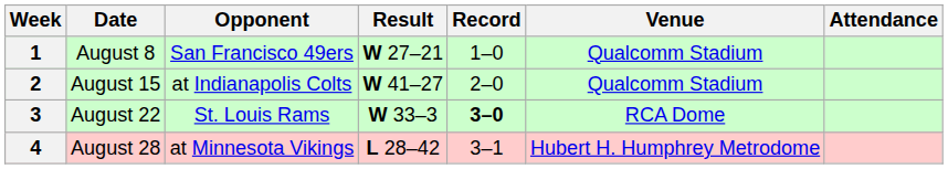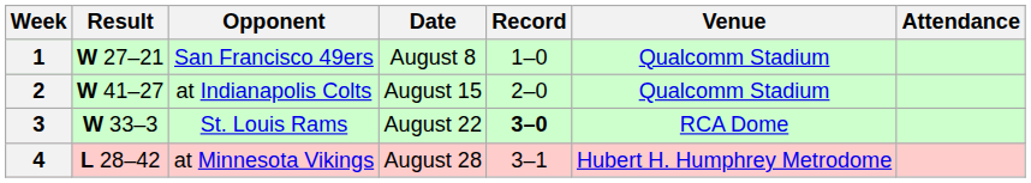 <table class="wikitable" style="text-align:center">
 <tr>
 <th>Week</th>
+<th>Result</th>
+<th>Opponent</th>
 <th>Date</th>
-<th>Opponent</th>
-<th>Result</th>
 <th>Record</th>
 <th>Venue</th>
 <th>Attendance</th>
 </tr>
 <tr style="background: #cfc;">
 <th>1</th>
+<td><strong>W</strong> 27–21</td>
+<td><a href='#'>San Francisco 49ers</a></td>
 <td>August 8</td>
-<td><a href='#'>San Francisco 49ers</a></td>
-<td><strong>W</strong> 27–21</td>
 <td>1–0</td>
 <td><a href='#'>Qualcomm Stadium</a></td>
 <td></td>
 </tr>
 <tr style="background: #cfc;">
 <th>2</th>
+<td><strong>W</strong> 41–27</td>
+<td>at <a href='#'>Indianapolis Colts</a></td>
 <td>August 15</td>
-<td>at <a href='#'>Indianapolis Colts</a></td>
-<td><strong>W</strong> 41–27</td>
 <td>2–0</td>
 <td><a href='#'>Qualcomm Stadium</a></td>
 <td></td>
 </tr>
 <tr style="background: #cfc;">
 <th>3</th>
+<td><strong>W</strong> 33–3</td>
+<td><a href='#'>St. Louis Rams</a></td>
 <td>August 22</td>
-<td><a href='#'>St. Louis Rams</a></td>
-<td><strong>W</strong> 33–3</td>
 <td><strong>3–0</strong></td>
 <td><a href='#'>RCA Dome</a></td>
 <td></td>
 </tr>
 <tr style="background: #fcc;">
 <th>4</th>
+<td><strong>L</strong> 28–42</td>
+<td>at <a href='#'>Minnesota Vikings</a></td>
 <td>August 28</td>
-<td>at <a href='#'>Minnesota Vikings</a></td>
-<td><strong>L</strong> 28–42</td>
 <td>3–1</td>
 <td><a href='#'>Hubert H. Humphrey Metrodome</a></td>
 <td></td>
 </tr>
 </table>
